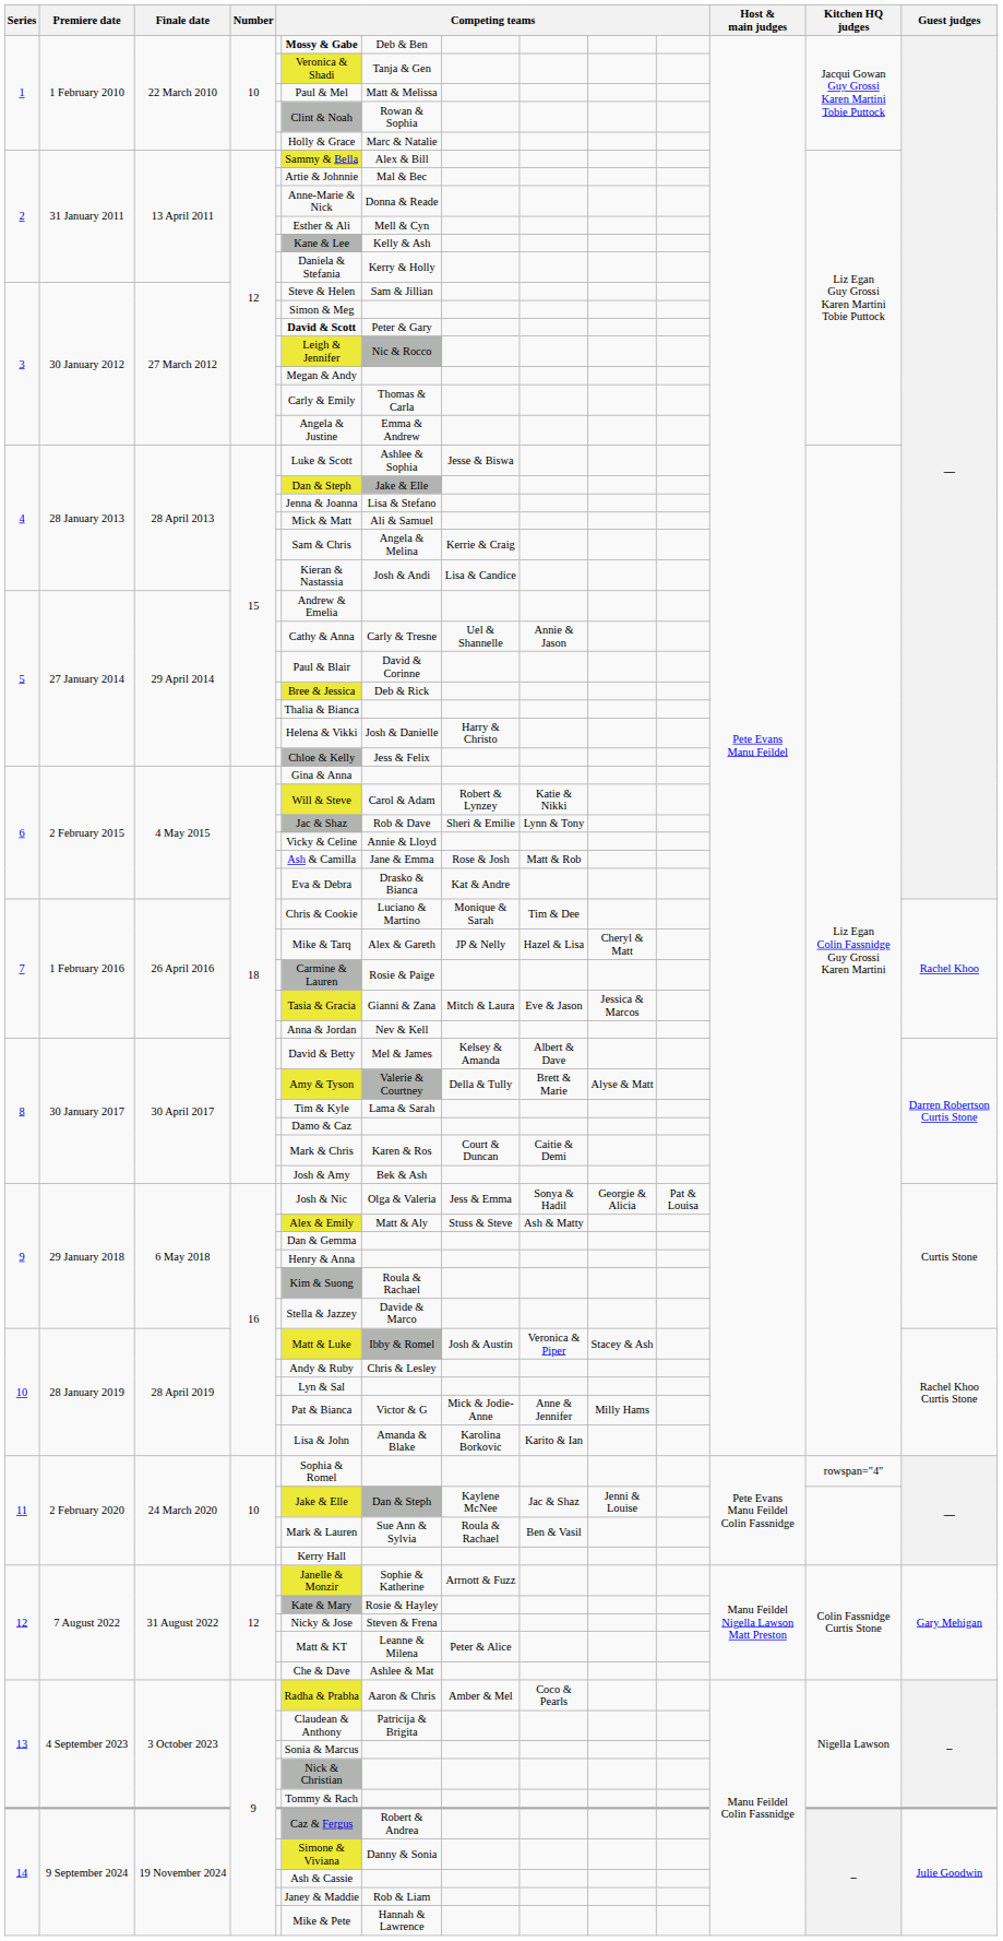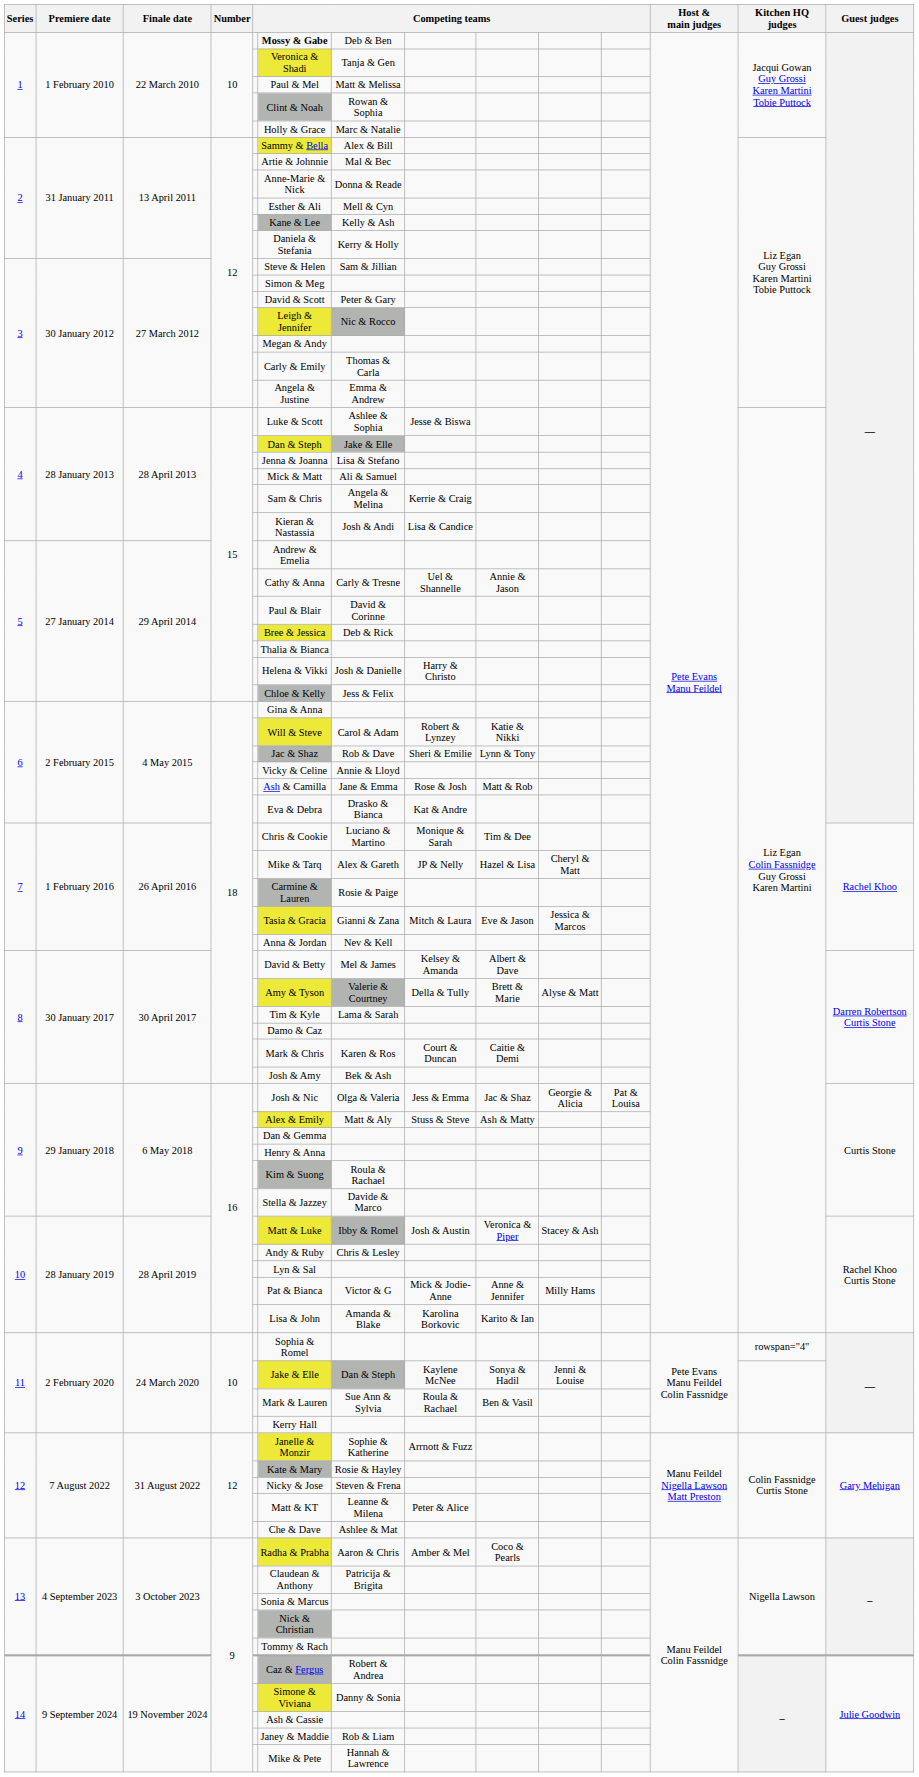 <table class="wikitable" style="width:100%; text-align:center; font-size: 90%; line-height:16px;">
 <tr>
 <th scope="col">Series</th>
 <th scope="col" style="width:8em;">Premiere date</th>
 <th scope="col" style="width:8em;">Finale date</th>
 <th scope="col">Number<br></th>
 <th scope="col" colspan="7">Competing teams</th>
 <th scope="col" style="width:8em;">Host &<br>main judges</th>
 <th scope="col" style="width:8em;">Kitchen HQ judges</th>
 <th scope="col" style="width:8em;">Guest judges</th>
 </tr>
 <tr>
 <td scope="row" rowspan="5"><a href='#'>1</a></td>
 <td rowspan="5">1 February 2010</td>
 <td rowspan="5">22 March 2010</td>
 <td rowspan="5">10</td>
 <td></td>
 <td><strong>Mossy & Gabe</strong></td>
 <td>Deb & Ben</td>
 <td></td>
 <td></td>
 <td></td>
 <td></td>
 <td rowspan="59"><a href='#'>Pete Evans</a><br> <a href='#'>Manu Feildel</a></td>
 <td rowspan="5">Jacqui Gowan<br><a href='#'>Guy Grossi</a><br><a href='#'>Karen Martini</a><br><a href='#'>Tobie Puttock</a></td>
 <th rowspan="37">__</th>
 </tr>
 <tr>
 <td></td>
 <td style="background:#ede939;">Veronica & Shadi</td>
 <td>Tanja & Gen</td>
 <td></td>
 <td></td>
 <td></td>
 <td></td>
 </tr>
 <tr>
 <td></td>
 <td>Paul & Mel</td>
 <td>Matt & Melissa</td>
 <td></td>
 <td></td>
 <td></td>
 <td></td>
 </tr>
 <tr>
 <td></td>
 <td style="background:#b2b4b2;">Clint & Noah</td>
 <td>Rowan & Sophia</td>
 <td></td>
 <td></td>
 <td></td>
 <td></td>
 </tr>
 <tr>
 <td></td>
 <td>Holly & Grace</td>
 <td>Marc & Natalie</td>
 <td></td>
 <td></td>
 <td></td>
 <td></td>
 </tr>
 <tr>
 <td scope="row" rowspan="6"><a href='#'>2</a></td>
 <td rowspan="6">31 January 2011</td>
 <td rowspan="6">13 April 2011</td>
 <td rowspan="13">12</td>
 <td></td>
 <td style="background:#ede939;">Sammy & <a href='#'>Bella</a></td>
 <td>Alex & Bill</td>
 <td></td>
 <td></td>
 <td></td>
 <td></td>
 <td rowspan="13">Liz Egan<br>Guy Grossi<br>Karen Martini<br>Tobie Puttock</td>
 </tr>
 <tr>
 <td></td>
 <td>Artie & Johnnie</td>
 <td>Mal & Bec</td>
 <td></td>
 <td></td>
 <td></td>
 <td></td>
 </tr>
 <tr>
 <td></td>
 <td>Anne-Marie & Nick</td>
 <td>Donna & Reade</td>
 <td></td>
 <td></td>
 <td></td>
 <td></td>
 </tr>
 <tr>
 <td></td>
 <td>Esther & Ali</td>
 <td>Mell & Cyn</td>
 <td></td>
 <td></td>
 <td></td>
 <td></td>
 </tr>
 <tr>
 <td></td>
 <td style="background:#b2b4b2;">Kane & Lee</td>
 <td>Kelly & Ash</td>
 <td></td>
 <td></td>
 <td></td>
 <td></td>
 </tr>
 <tr>
 <td></td>
 <td>Daniela & Stefania</td>
 <td>Kerry & Holly</td>
 <td></td>
 <td></td>
 <td></td>
 <td></td>
 </tr>
 <tr>
 <td scope="row" rowspan="7"><a href='#'>3</a></td>
 <td rowspan="7">30 January 2012</td>
 <td rowspan="7">27 March 2012</td>
 <td></td>
 <td>Steve & Helen</td>
 <td>Sam & Jillian</td>
 <td></td>
 <td></td>
 <td></td>
 <td></td>
 </tr>
 <tr>
 <td></td>
 <td>Simon & Meg</td>
 <td></td>
 <td></td>
 <td></td>
 <td></td>
 <td></td>
 </tr>
 <tr>
 <td></td>
-<td><strong>David & Scott</strong></td>
+<td>David & Scott</td>
 <td>Peter & Gary</td>
 <td></td>
 <td></td>
 <td></td>
 <td></td>
 </tr>
 <tr>
 <td></td>
 <td style="background:#ede939;">Leigh & Jennifer</td>
 <td style="background:#b2b4b2;">Nic & Rocco</td>
 <td></td>
 <td></td>
 <td></td>
 <td></td>
 </tr>
 <tr>
 <td></td>
 <td>Megan & Andy</td>
 <td></td>
 <td></td>
 <td></td>
 <td></td>
 <td></td>
 </tr>
 <tr>
 <td></td>
 <td>Carly & Emily</td>
 <td>Thomas & Carla</td>
 <td></td>
 <td></td>
 <td></td>
 <td></td>
 </tr>
 <tr>
 <td></td>
 <td>Angela & Justine</td>
 <td>Emma & Andrew</td>
 <td></td>
 <td></td>
 <td></td>
 <td></td>
 </tr>
 <tr>
 <td scope="row" rowspan="6"><a href='#'>4</a></td>
 <td rowspan="6">28 January 2013</td>
 <td rowspan="6">28 April 2013</td>
 <td rowspan="13">15</td>
 <td></td>
 <td>Luke & Scott</td>
 <td>Ashlee & Sophia</td>
 <td>Jesse & Biswa</td>
 <td></td>
 <td></td>
 <td></td>
 <td rowspan="41">Liz Egan<br><a href='#'>Colin Fassnidge</a><br>Guy Grossi<br>Karen Martini</td>
 </tr>
 <tr>
 <td></td>
 <td style="background:#ede939;">Dan & Steph</td>
 <td style="background:#b2b4b2;">Jake & Elle</td>
 <td></td>
 <td></td>
 <td></td>
 <td></td>
 </tr>
 <tr>
 <td></td>
 <td>Jenna & Joanna</td>
 <td>Lisa & Stefano</td>
 <td></td>
 <td></td>
 <td></td>
 <td></td>
 </tr>
 <tr>
 <td></td>
 <td>Mick & Matt</td>
 <td>Ali & Samuel</td>
 <td></td>
 <td></td>
 <td></td>
 <td></td>
 </tr>
 <tr>
 <td></td>
 <td>Sam & Chris</td>
 <td>Angela & Melina</td>
 <td>Kerrie & Craig</td>
 <td></td>
 <td></td>
 <td></td>
 </tr>
 <tr>
 <td></td>
 <td>Kieran & Nastassia</td>
 <td>Josh & Andi</td>
 <td>Lisa & Candice</td>
 <td></td>
 <td></td>
 <td></td>
 </tr>
 <tr>
 <td scope="row" rowspan="7"><a href='#'>5</a></td>
 <td rowspan="7">27 January 2014</td>
 <td rowspan="7">29 April 2014</td>
 <td></td>
 <td>Andrew & Emelia</td>
 <td></td>
 <td></td>
 <td></td>
 <td></td>
 <td></td>
 </tr>
 <tr>
 <td></td>
 <td>Cathy & Anna</td>
 <td>Carly & Tresne</td>
 <td>Uel & Shannelle</td>
 <td>Annie & Jason</td>
 <td></td>
 <td></td>
 </tr>
 <tr>
 <td></td>
 <td>Paul & Blair</td>
 <td>David & Corinne</td>
 <td></td>
 <td></td>
 <td></td>
 <td></td>
 </tr>
 <tr>
 <td></td>
 <td style="background:#ede939;">Bree & Jessica</td>
 <td>Deb & Rick</td>
 <td></td>
 <td></td>
 <td></td>
 <td></td>
 </tr>
 <tr>
 <td></td>
 <td>Thalia & Bianca</td>
 <td></td>
 <td></td>
 <td></td>
 <td></td>
 <td></td>
 </tr>
 <tr>
 <td></td>
 <td>Helena & Vikki</td>
 <td>Josh & Danielle</td>
 <td>Harry & Christo</td>
 <td></td>
 <td></td>
 <td></td>
 </tr>
 <tr>
 <td></td>
 <td style="background:#b2b4b2;">Chloe & Kelly</td>
 <td>Jess & Felix</td>
 <td></td>
 <td></td>
 <td></td>
 <td></td>
 </tr>
 <tr>
 <td scope="row" rowspan="6"><a href='#'>6</a></td>
 <td rowspan="6">2 February 2015</td>
 <td rowspan="6">4 May 2015</td>
 <td rowspan="17">18</td>
 <td></td>
 <td>Gina & Anna</td>
 <td></td>
 <td></td>
 <td></td>
 <td></td>
 <td></td>
 </tr>
 <tr>
 <td></td>
 <td style="background:#ede939;">Will & Steve</td>
 <td>Carol & Adam</td>
 <td>Robert & Lynzey</td>
 <td>Katie & Nikki</td>
 <td></td>
 <td></td>
 </tr>
 <tr>
 <td></td>
 <td style="background:#b2b4b2;">Jac & Shaz</td>
 <td>Rob & Dave</td>
 <td>Sheri & Emilie</td>
 <td>Lynn & Tony</td>
 <td></td>
 <td></td>
 </tr>
 <tr>
 <td></td>
 <td>Vicky & Celine</td>
 <td>Annie & Lloyd</td>
 <td></td>
 <td></td>
 <td></td>
 <td></td>
 </tr>
 <tr>
 <td></td>
 <td><a href='#'>Ash</a> & Camilla</td>
 <td>Jane & Emma</td>
 <td>Rose & Josh</td>
 <td>Matt & Rob</td>
 <td></td>
 <td></td>
 </tr>
 <tr>
 <td></td>
 <td>Eva & Debra</td>
 <td>Drasko & Bianca</td>
 <td>Kat & Andre</td>
 <td></td>
 <td></td>
 <td></td>
 </tr>
 <tr>
 <td scope="row" rowspan="5"><a href='#'>7</a></td>
 <td rowspan="5">1 February 2016</td>
 <td rowspan="5">26 April 2016</td>
 <td></td>
 <td>Chris & Cookie</td>
 <td>Luciano & Martino</td>
 <td>Monique & Sarah</td>
 <td>Tim & Dee</td>
 <td></td>
 <td></td>
 <td rowspan="5"><a href='#'>Rachel Khoo</a></td>
 </tr>
 <tr>
 <td></td>
 <td>Mike & Tarq</td>
 <td>Alex & Gareth</td>
 <td>JP & Nelly</td>
 <td>Hazel & Lisa</td>
 <td>Cheryl & Matt</td>
 <td></td>
 </tr>
 <tr>
 <td></td>
 <td style="background:#b2b4b2;">Carmine & Lauren</td>
 <td>Rosie & Paige</td>
 <td></td>
 <td></td>
 <td></td>
 <td></td>
 </tr>
 <tr>
 <td></td>
 <td style="background:#ede939;">Tasia & Gracia</td>
 <td>Gianni & Zana</td>
 <td>Mitch & Laura</td>
 <td>Eve & Jason</td>
 <td>Jessica & Marcos</td>
 <td></td>
 </tr>
 <tr>
 <td></td>
 <td>Anna & Jordan</td>
 <td>Nev & Kell</td>
 <td></td>
 <td></td>
 <td></td>
 <td></td>
 </tr>
 <tr>
 <td scope="row" rowspan="6"><a href='#'>8</a></td>
 <td rowspan="6">30 January 2017</td>
 <td rowspan="6">30 April 2017</td>
 <td></td>
 <td>David & Betty</td>
 <td>Mel & James</td>
 <td>Kelsey & Amanda</td>
 <td>Albert & Dave</td>
 <td></td>
 <td></td>
 <td rowspan="6"><a href='#'>Darren Robertson</a><br><a href='#'>Curtis Stone</a></td>
 </tr>
 <tr>
 <td></td>
 <td style="background:#ede939;">Amy & Tyson</td>
 <td style="background:#b2b4b2;">Valerie & Courtney</td>
 <td>Della & Tully</td>
 <td>Brett & Marie</td>
 <td>Alyse & Matt</td>
 <td></td>
 </tr>
 <tr>
 <td></td>
 <td>Tim & Kyle</td>
 <td>Lama & Sarah</td>
 <td></td>
 <td></td>
 <td></td>
 <td></td>
 </tr>
 <tr>
 <td></td>
 <td>Damo & Caz</td>
 <td></td>
 <td></td>
 <td></td>
 <td></td>
 <td></td>
 </tr>
 <tr>
 <td></td>
 <td>Mark & Chris</td>
 <td>Karen & Ros</td>
 <td>Court & Duncan</td>
 <td>Caitie & Demi</td>
 <td></td>
 <td></td>
 </tr>
 <tr>
 <td></td>
 <td>Josh & Amy</td>
 <td>Bek & Ash</td>
 <td></td>
 <td></td>
 <td></td>
 <td></td>
 </tr>
 <tr>
 <td scope="row" rowspan="6"><a href='#'>9</a></td>
 <td rowspan="6">29 January 2018</td>
 <td rowspan="6">6 May 2018</td>
 <td rowspan="11">16</td>
 <td></td>
 <td>Josh & Nic</td>
 <td>Olga & Valeria</td>
 <td>Jess & Emma</td>
-<td>Sonya & Hadil</td>
+<td>Jac & Shaz</td>
 <td>Georgie & Alicia</td>
 <td>Pat & Louisa</td>
 <td rowspan="6">Curtis Stone</td>
 </tr>
 <tr>
 <td></td>
 <td style="background:#ede939;">Alex & Emily</td>
 <td>Matt & Aly</td>
 <td>Stuss & Steve</td>
 <td>Ash & Matty</td>
 <td></td>
 </tr>
 <tr>
 <td></td>
 <td>Dan & Gemma</td>
 <td></td>
 <td></td>
 <td></td>
 <td></td>
 <td></td>
 </tr>
 <tr>
 <td></td>
 <td>Henry & Anna</td>
 <td></td>
 <td></td>
 <td></td>
 <td></td>
 <td></td>
 </tr>
 <tr>
 <td></td>
 <td style="background:#b2b4b2;">Kim & Suong</td>
 <td>Roula & Rachael</td>
 <td></td>
 <td></td>
 <td></td>
 <td></td>
 </tr>
 <tr>
 <td></td>
 <td>Stella & Jazzey</td>
 <td>Davide & Marco</td>
 <td></td>
 <td></td>
 <td></td>
 <td></td>
 </tr>
 <tr>
 <td scope="row" rowspan="5"><a href='#'>10</a></td>
 <td rowspan="5">28 January 2019</td>
 <td rowspan="5">28 April 2019</td>
 <td></td>
 <td style="background:#ede939;">Matt & Luke</td>
 <td style="background:#b2b4b2;">Ibby & Romel</td>
 <td>Josh & Austin</td>
 <td>Veronica & <a href='#'>Piper</a></td>
 <td>Stacey & Ash</td>
 <td></td>
 <td rowspan="5">Rachel Khoo<br>Curtis Stone</td>
 </tr>
 <tr>
 <td></td>
 <td>Andy & Ruby</td>
 <td>Chris & Lesley</td>
 <td></td>
 <td></td>
 <td></td>
 <td></td>
 </tr>
 <tr>
 <td></td>
 <td>Lyn & Sal</td>
 <td></td>
 <td></td>
 <td></td>
 <td></td>
 <td></td>
 </tr>
 <tr>
 <td></td>
 <td>Pat & Bianca</td>
 <td>Victor & G</td>
 <td>Mick & Jodie-Anne</td>
 <td>Anne & Jennifer</td>
 <td>Milly Hams</td>
 <td></td>
 </tr>
 <tr>
 <td></td>
 <td>Lisa & John</td>
 <td>Amanda & Blake</td>
 <td>Karolina Borkovic</td>
 <td>Karito & Ian</td>
 <td></td>
 <td></td>
 </tr>
 <tr>
 <td scope="row" rowspan="4"><a href='#'>11</a></td>
 <td rowspan="4">2 February 2020</td>
 <td rowspan="4">24 March 2020</td>
 <td rowspan="4">10</td>
 <td></td>
 <td>Sophia & Romel</td>
 <td></td>
 <td></td>
 <td></td>
 <td></td>
 <td></td>
 <td rowspan=4>Pete Evans <br> Manu Feildel <br> Colin Fassnidge</td>
 <td>rowspan="4" </td>
 <th rowspan="4">__</th>
 </tr>
 <tr>
 <td></td>
 <td style="background:#ede939;">Jake & Elle</td>
 <td style="background:#b2b4b2;">Dan & Steph</td>
 <td>Kaylene McNee</td>
-<td>Jac & Shaz</td>
+<td>Sonya & Hadil</td>
 <td>Jenni & Louise</td>
 <td></td>
 </tr>
 <tr>
 <td></td>
 <td>Mark & Lauren</td>
 <td>Sue Ann & Sylvia</td>
 <td>Roula & Rachael</td>
 <td>Ben & Vasil</td>
 <td></td>
 <td></td>
 </tr>
 <tr>
 <td></td>
 <td>Kerry Hall</td>
 <td></td>
 <td></td>
 <td></td>
 <td></td>
 <td></td>
 </tr>
 <tr>
 <td scope="row" rowspan="5"><a href='#'>12</a></td>
 <td rowspan="5">7 August 2022</td>
 <td rowspan="5">31 August 2022</td>
 <td rowspan="5">12</td>
 <td></td>
 <td style="background:#ede939;">Janelle & Monzir</td>
 <td>Sophie & Katherine</td>
 <td>Arrnott & Fuzz</td>
 <td></td>
 <td></td>
 <td></td>
 <td rowspan="5">Manu Feildel<br><a href='#'>Nigella Lawson</a><br><a href='#'>Matt Preston</a></td>
 <td rowspan="5">Colin Fassnidge<br>Curtis Stone</td>
 <td rowspan="5"><a href='#'>Gary Mehigan</a></td>
 </tr>
 <tr>
 <td></td>
 <td style="background:#b2b4b2;">Kate & Mary</td>
 <td>Rosie & Hayley</td>
 <td></td>
 <td></td>
 <td></td>
 <td></td>
 </tr>
 <tr>
 <td></td>
 <td>Nicky & Jose</td>
 <td>Steven & Frena</td>
 <td></td>
 <td></td>
 <td></td>
 <td></td>
 </tr>
 <tr>
 <td></td>
 <td>Matt & KT</td>
 <td>Leanne & Milena</td>
 <td>Peter & Alice</td>
 <td></td>
 <td></td>
 <td></td>
 </tr>
 <tr>
 <td></td>
 <td>Che & Dave</td>
 <td>Ashlee & Mat</td>
 <td></td>
 <td></td>
 <td></td>
 <td></td>
 </tr>
 <tr>
 <td rowspan="5"><a href='#'>13</a></td>
 <td rowspan="5">4 September 2023</td>
 <td rowspan="5">3 October 2023</td>
 <td rowspan="10">9</td>
 <td></td>
 <td style="background:#ede939;">Radha & Prabha</td>
 <td>Aaron & Chris</td>
 <td>Amber & Mel</td>
 <td>Coco & Pearls</td>
 <td></td>
 <td></td>
 <td rowspan="10">Manu Feildel<br>Colin Fassnidge</td>
 <td rowspan="5">Nigella Lawson</td>
 <th rowspan="5">_</th>
 </tr>
 <tr>
 <td></td>
 <td>Claudean & Anthony</td>
 <td>Patricija & Brigita</td>
 <td></td>
 <td></td>
 <td></td>
 <td></td>
 </tr>
 <tr>
 <td></td>
 <td>Sonia & Marcus</td>
 <td></td>
 <td></td>
 <td></td>
 <td></td>
 <td></td>
 </tr>
 <tr>
 <td></td>
 <td style="background:#b2b4b2;">Nick & Christian</td>
 <td></td>
 <td></td>
 <td></td>
 <td></td>
 <td></td>
 </tr>
 <tr>
 <td></td>
 <td>Tommy & Rach</td>
 <td></td>
 <td></td>
 <td></td>
 <td></td>
 <td></td>
 </tr>
 <tr style="border-top:3px solid #aaa;" >
 <td rowspan="5"><a href='#'>14</a></td>
 <td rowspan="5">9 September 2024</td>
 <td rowspan="5">19 November 2024</td>
 <td></td>
 <td style="background:#b2b4b2;">Caz & <a href='#'>Fergus</a></td>
 <td>Robert & Andrea</td>
 <td></td>
 <td></td>
 <td></td>
 <td></td>
 <th rowspan="5">_</th>
 <td rowspan="5"><a href='#'>Julie Goodwin</a></td>
 </tr>
 <tr>
 <td></td>
 <td style="background:#ede939;">Simone & Viviana</td>
 <td>Danny & Sonia</td>
 <td></td>
 <td></td>
 <td></td>
 <td></td>
 </tr>
 <tr>
 <td></td>
 <td>Ash & Cassie</td>
 <td></td>
 <td></td>
 <td></td>
 <td></td>
 <td></td>
 </tr>
 <tr>
 <td></td>
 <td>Janey & Maddie</td>
 <td>Rob & Liam</td>
 <td></td>
 <td></td>
 <td></td>
 <td></td>
 </tr>
 <tr>
 <td></td>
 <td>Mike & Pete</td>
 <td>Hannah & Lawrence</td>
 <td></td>
 <td></td>
 <td></td>
 <td></td>
 </tr>
 </table>
